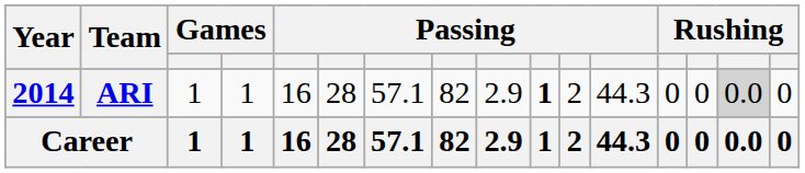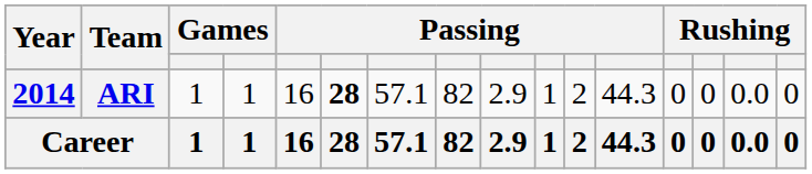 <table class="wikitable" style="text-align:center;">
 <tr>
 <th rowspan="2">Year</th>
 <th rowspan="2">Team</th>
 <th colspan="2">Games</th>
 <th colspan="8">Passing</th>
 <th colspan="4">Rushing</th>
 </tr>
 <tr>
 <th></th>
 <th></th>
 <th></th>
 <th></th>
 <th></th>
 <th></th>
 <th></th>
 <th></th>
 <th></th>
 <th></th>
 <th></th>
 <th></th>
 <th></th>
 <th></th>
 </tr>
 <tr>
 <th><a href='#'>2014</a></th>
 <th><a href='#'>ARI</a></th>
 <td>1</td>
 <td>1</td>
 <td>16</td>
-<td>28</td>
+<td><strong>28</strong></td>
 <td>57.1</td>
 <td>82</td>
 <td>2.9</td>
-<td><strong>1</strong></td>
+<td>1</td>
 <td>2</td>
 <td>44.3</td>
 <td>0</td>
 <td>0</td>
-<td style="background: lightgrey;">0.0</td>
+<td>0.0</td>
 <td>0</td>
 </tr>
 <tr>
 <th colspan="2">Career</th>
 <th>1</th>
 <th>1</th>
 <th>16</th>
 <th>28</th>
 <th>57.1</th>
 <th>82</th>
 <th>2.9</th>
 <th>1</th>
 <th>2</th>
 <th>44.3</th>
 <th>0</th>
 <th>0</th>
 <th>0.0</th>
 <th>0</th>
 </tr>
 </table>
